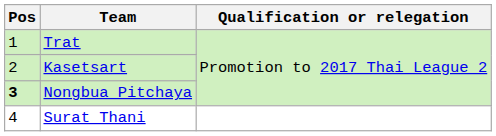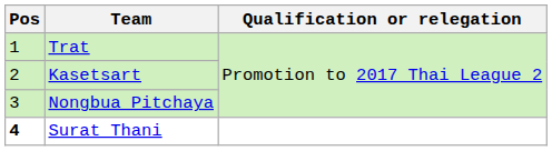 <table class="wikitable">
 <tr>
 <th>Pos</th>
 <th>Team</th>
 <th>Qualification or relegation</th>
 </tr>
 <tr bgcolor="#D0F0C0">
 <td>1</td>
 <td align="left"><a href='#'>Trat</a></td>
 <td rowspan=3>Promotion to <a href='#'>2017 Thai League 2</a></td>
 </tr>
 <tr bgcolor="#D0F0C0">
 <td>2</td>
 <td align="left"><a href='#'>Kasetsart</a></td>
 </tr>
 <tr bgcolor="#D0F0C0">
-<td><strong>3</strong></td>
+<td>3</td>
 <td align="left"><a href='#'>Nongbua Pitchaya</a></td>
 </tr>
 <tr bgcolor="#ffffff">
-<td>4</td>
+<td><strong>4</strong></td>
 <td align="left"><a href='#'>Surat Thani</a></td>
 <td></td>
 </tr>
 </table>
